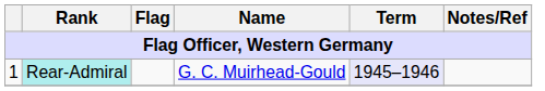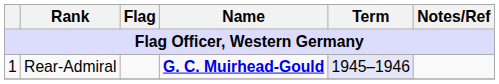 <table class="wikitable">
 <tr>
 <th></th>
 <th>Rank</th>
 <th>Flag</th>
 <th>Name</th>
 <th>Term</th>
 <th>Notes/Ref</th>
 </tr>
 <tr>
 <td colspan="6" align="center" style="background:#dcdcfe;"><strong>Flag Officer, Western Germany</strong></td>
 </tr>
 <tr>
 <td>1</td>
-<td style="background: paleturquoise;">Rear-Admiral</td>
+<td>Rear-Admiral</td>
 <td></td>
-<td><a href='#'>G. C. Muirhead-Gould</a></td>
+<td><strong><a href='#'>G. C. Muirhead-Gould</a></strong></td>
 <td style="background: lavender;">1945–1946</td>
 <td></td>
 </tr>
 <tr>
 </tr>
 </table>
